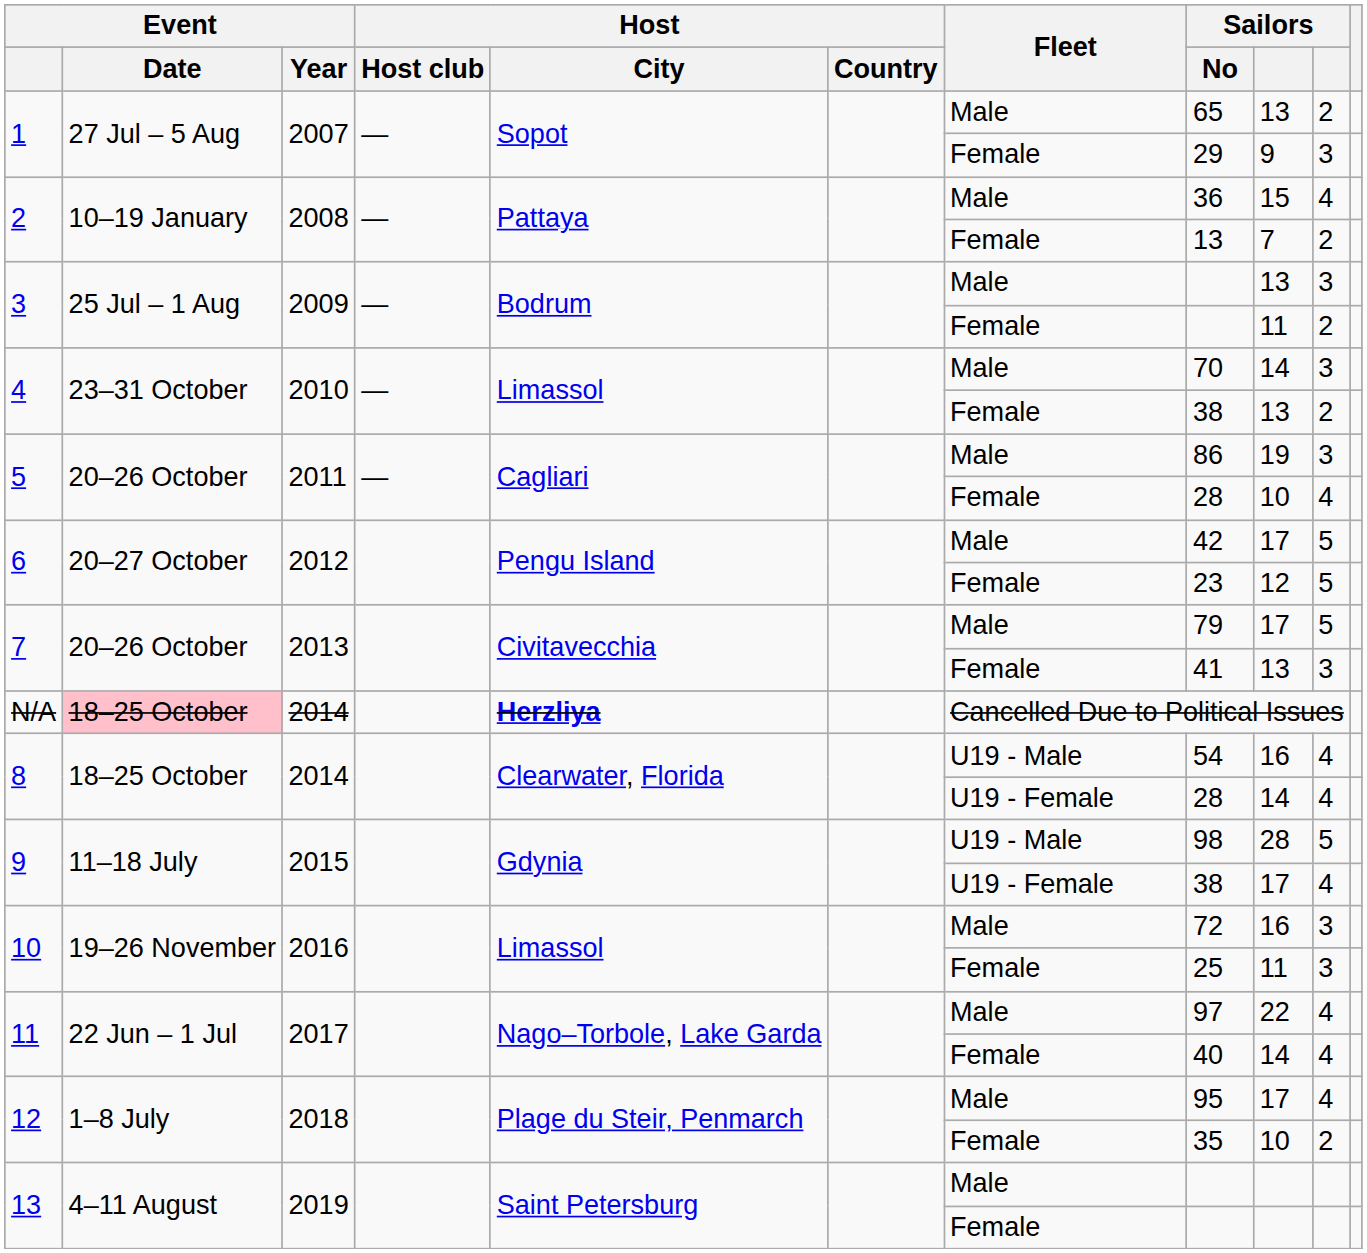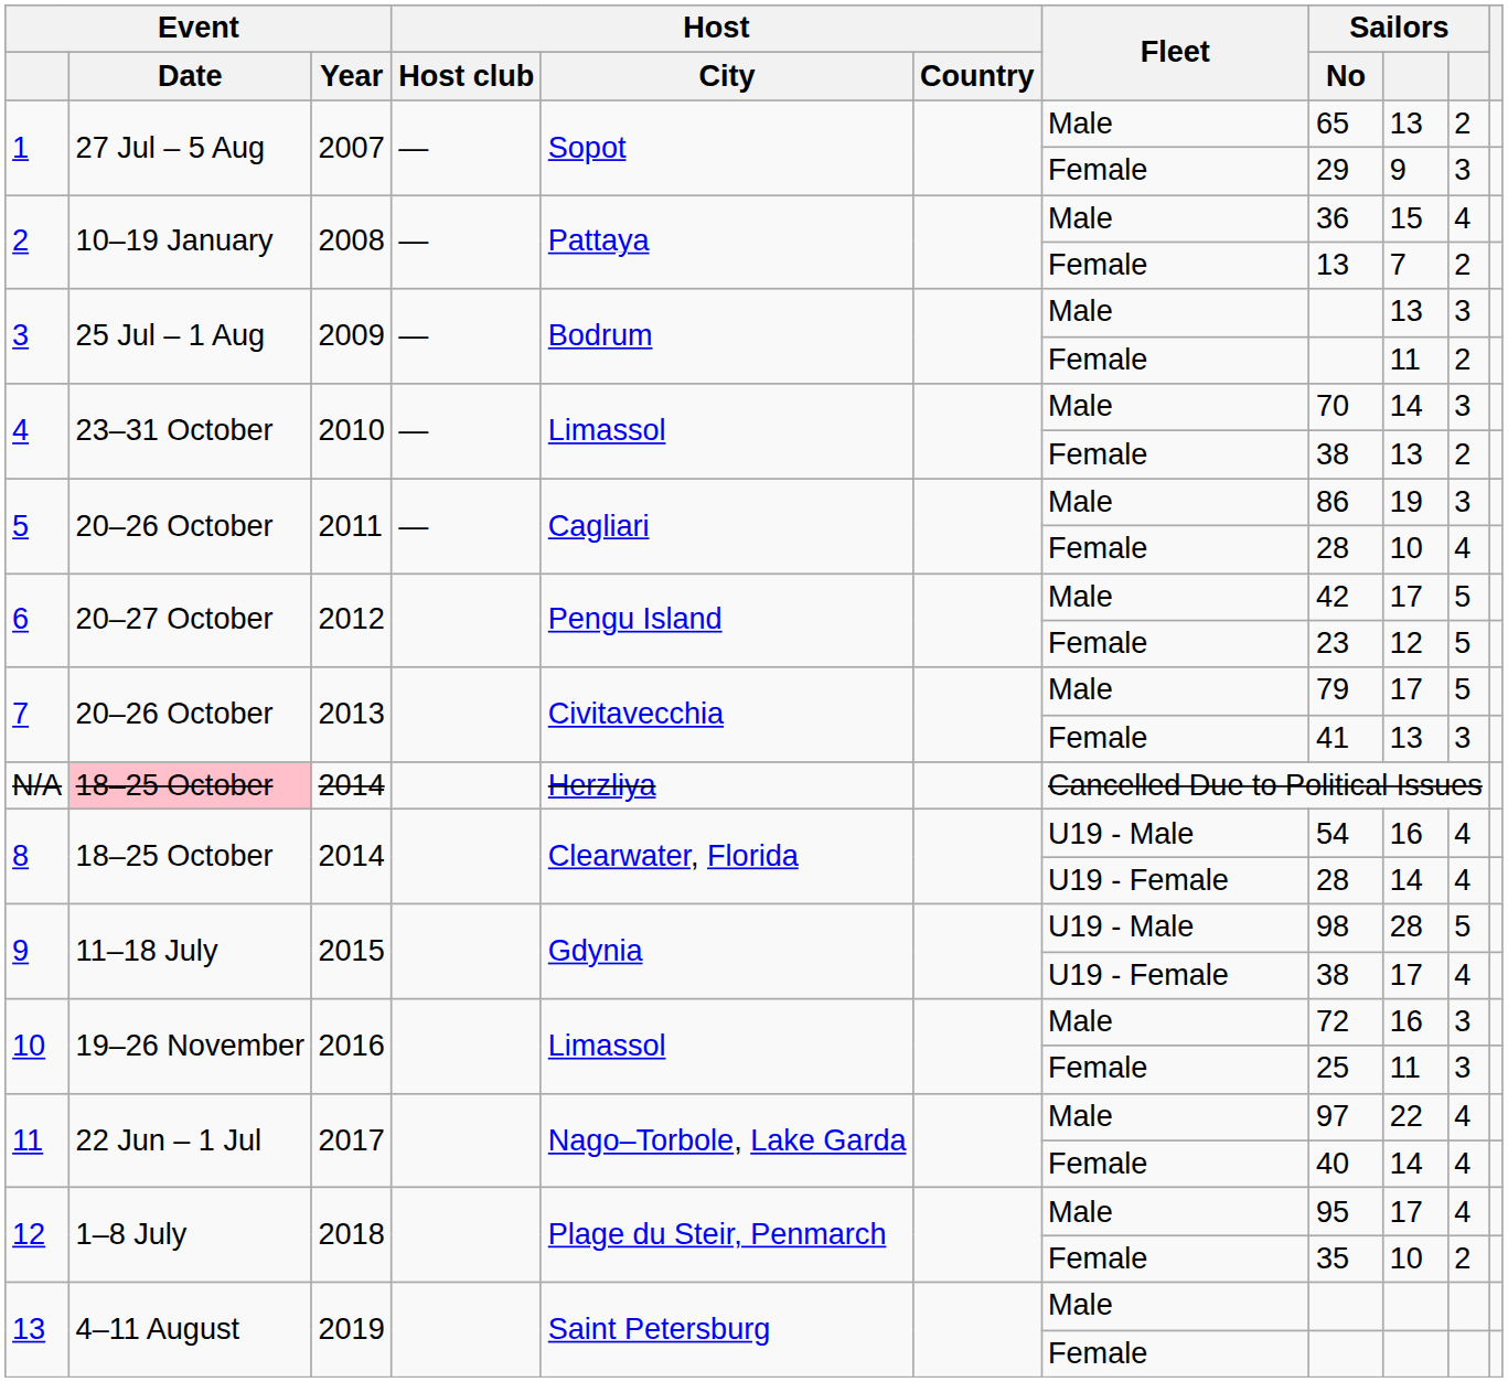 <table class="wikitable sortable">
 <tr>
 <th colspan=3>Event</th>
 <th colspan=3>Host</th>
 <th rowspan=2>Fleet</th>
 <th colspan=3>Sailors</th>
 <th rowspan=2></th>
 </tr>
 <tr>
 <th></th>
 <th>Date</th>
 <th>Year</th>
 <th>Host club</th>
 <th>City</th>
 <th>Country</th>
 <th>No</th>
 <th></th>
 <th></th>
 </tr>
 <tr>
 <td rowspan=2><a href='#'>1</a></td>
 <td rowspan=2>27 Jul – 5 Aug</td>
 <td rowspan=2>2007</td>
 <td rowspan=2>—</td>
 <td rowspan=2><a href='#'>Sopot</a></td>
 <td rowspan=2></td>
 <td>Male</td>
 <td>65</td>
 <td>13</td>
 <td>2</td>
 <td>	</td>
 </tr>
 <tr>
 <td>Female</td>
 <td>29</td>
 <td>9</td>
 <td>3</td>
 </tr>
 <tr>
 <td rowspan=2><a href='#'>2</a></td>
 <td rowspan=2>10–19 January</td>
 <td rowspan=2>2008</td>
 <td rowspan=2>—</td>
 <td rowspan=2><a href='#'>Pattaya</a></td>
 <td rowspan=2></td>
 <td>Male</td>
 <td>36</td>
 <td>15</td>
 <td>4</td>
 <td> </td>
 </tr>
 <tr>
 <td>Female</td>
 <td>13</td>
 <td>7</td>
 <td>2</td>
 </tr>
 <tr>
 <td rowspan=2><a href='#'>3</a></td>
 <td rowspan=2>25 Jul – 1 Aug</td>
 <td rowspan=2>2009</td>
 <td rowspan=2>—</td>
 <td rowspan=2><a href='#'>Bodrum</a></td>
 <td rowspan=2></td>
 <td>Male</td>
 <td></td>
 <td>13</td>
 <td>3</td>
 <td></td>
 </tr>
 <tr>
 <td>Female</td>
 <td></td>
 <td>11</td>
 <td>2</td>
 </tr>
 <tr>
 <td rowspan=2><a href='#'>4</a></td>
 <td rowspan=2>23–31 October</td>
 <td rowspan=2>2010</td>
 <td rowspan=2>—</td>
 <td rowspan=2><a href='#'>Limassol</a></td>
 <td rowspan=2></td>
 <td>Male</td>
 <td>70</td>
 <td>14</td>
 <td>3</td>
 <td>	</td>
 </tr>
 <tr>
 <td>Female</td>
 <td>38</td>
 <td>13</td>
 <td>2</td>
 </tr>
 <tr>
 <td rowspan=2><a href='#'>5</a></td>
 <td rowspan=2>20–26 October</td>
 <td rowspan=2>2011</td>
 <td rowspan=2>—</td>
 <td rowspan=2><a href='#'>Cagliari</a></td>
 <td rowspan=2></td>
 <td>Male</td>
 <td>86</td>
 <td>19</td>
 <td>3</td>
 <td></td>
 </tr>
 <tr>
 <td>Female</td>
 <td>28</td>
 <td>10</td>
 <td>4</td>
 </tr>
 <tr>
 <td rowspan=2><a href='#'>6</a></td>
 <td rowspan=2>20–27 October</td>
 <td rowspan=2>2012</td>
 <td rowspan=2></td>
 <td rowspan=2><a href='#'>Pengu Island</a></td>
 <td rowspan=2></td>
 <td>Male</td>
 <td>42</td>
 <td>17</td>
 <td>5</td>
 <td> </td>
 </tr>
 <tr>
 <td>Female</td>
 <td>23</td>
 <td>12</td>
 <td>5</td>
 </tr>
 <tr>
 <td rowspan=2><a href='#'>7</a></td>
 <td rowspan=2>20–26 October</td>
 <td rowspan=2>2013</td>
 <td rowspan=2></td>
 <td rowspan=2><a href='#'>Civitavecchia</a></td>
 <td rowspan=2></td>
 <td>Male</td>
 <td>79</td>
 <td>17</td>
 <td>5</td>
 <td>  </td>
 </tr>
 <tr>
 <td>Female</td>
 <td>41</td>
 <td>13</td>
 <td>3</td>
 <td></td>
 </tr>
 <tr style="text-decoration: line-through">
 <td>N/A</td>
 <td style="background: pink;">18–25 October</td>
 <td>2014</td>
 <td></td>
-<td><strong><a href='#'>Herzliya</a></strong></td>
+<td><a href='#'>Herzliya</a></td>
 <td></td>
 <td colspan=4>Cancelled Due to Political Issues</td>
 </tr>
 <tr>
 <td rowspan=2><a href='#'>8</a></td>
 <td rowspan=2>18–25 October</td>
 <td rowspan=2>2014</td>
 <td rowspan=2></td>
 <td rowspan=2><a href='#'>Clearwater</a>, <a href='#'>Florida</a></td>
 <td rowspan=2></td>
 <td>U19 - Male</td>
 <td>54</td>
 <td>16</td>
 <td>4</td>
 <td>	</td>
 </tr>
 <tr>
 <td>U19 - Female</td>
 <td>28</td>
 <td>14</td>
 <td>4</td>
 </tr>
 <tr>
 <td rowspan=2><a href='#'>9</a></td>
 <td rowspan=2>11–18 July</td>
 <td rowspan=2>2015</td>
 <td rowspan=2></td>
 <td rowspan=2><a href='#'>Gdynia</a></td>
 <td rowspan=2></td>
 <td>U19 - Male</td>
 <td>98</td>
 <td>28</td>
 <td>5</td>
 <td> </td>
 </tr>
 <tr>
 <td>U19 - Female</td>
 <td>38</td>
 <td>17</td>
 <td>4</td>
 </tr>
 <tr>
 <td rowspan=2><a href='#'>10</a></td>
 <td rowspan=2>19–26 November</td>
 <td rowspan=2>2016</td>
 <td rowspan=2></td>
 <td rowspan=2><a href='#'>Limassol</a></td>
 <td rowspan=2></td>
 <td>Male</td>
 <td>72</td>
 <td>16</td>
 <td>3</td>
 <td>	 	</td>
 </tr>
 <tr>
 <td>Female</td>
 <td>25</td>
 <td>11</td>
 <td>3</td>
 <td></td>
 </tr>
 <tr>
 <td rowspan=2><a href='#'>11</a></td>
 <td rowspan=2>22 Jun – 1 Jul</td>
 <td rowspan=2>2017</td>
 <td rowspan=2></td>
 <td rowspan=2><a href='#'>Nago–Torbole</a>, <a href='#'>Lake Garda</a></td>
 <td rowspan=2></td>
 <td>Male</td>
 <td>97</td>
 <td>22</td>
 <td>4</td>
 <td>	 </td>
 </tr>
 <tr>
 <td>Female</td>
 <td>40</td>
 <td>14</td>
 <td>4</td>
 <td></td>
 </tr>
 <tr>
 <td rowspan=2><a href='#'>12</a></td>
 <td rowspan=2>1–8 July</td>
 <td rowspan=2>2018</td>
 <td rowspan=2></td>
 <td rowspan=2><a href='#'>Plage du Steir, Penmarch</a></td>
 <td rowspan=2></td>
 <td>Male</td>
 <td>95</td>
 <td>17</td>
 <td>4</td>
 <td>	 </td>
 </tr>
 <tr>
 <td>Female</td>
 <td>35</td>
 <td>10</td>
 <td>2</td>
 <td></td>
 </tr>
 <tr>
 <td rowspan=2><a href='#'>13</a></td>
 <td rowspan=2>4–11 August</td>
 <td rowspan=2>2019</td>
 <td rowspan=2></td>
 <td rowspan=2><a href='#'>Saint Petersburg</a></td>
 <td rowspan=2></td>
 <td>Male</td>
 <td></td>
 <td></td>
 <td></td>
 <td>	 </td>
 </tr>
 <tr>
 <td>Female</td>
 <td></td>
 <td></td>
 <td></td>
 </tr>
 </table>
